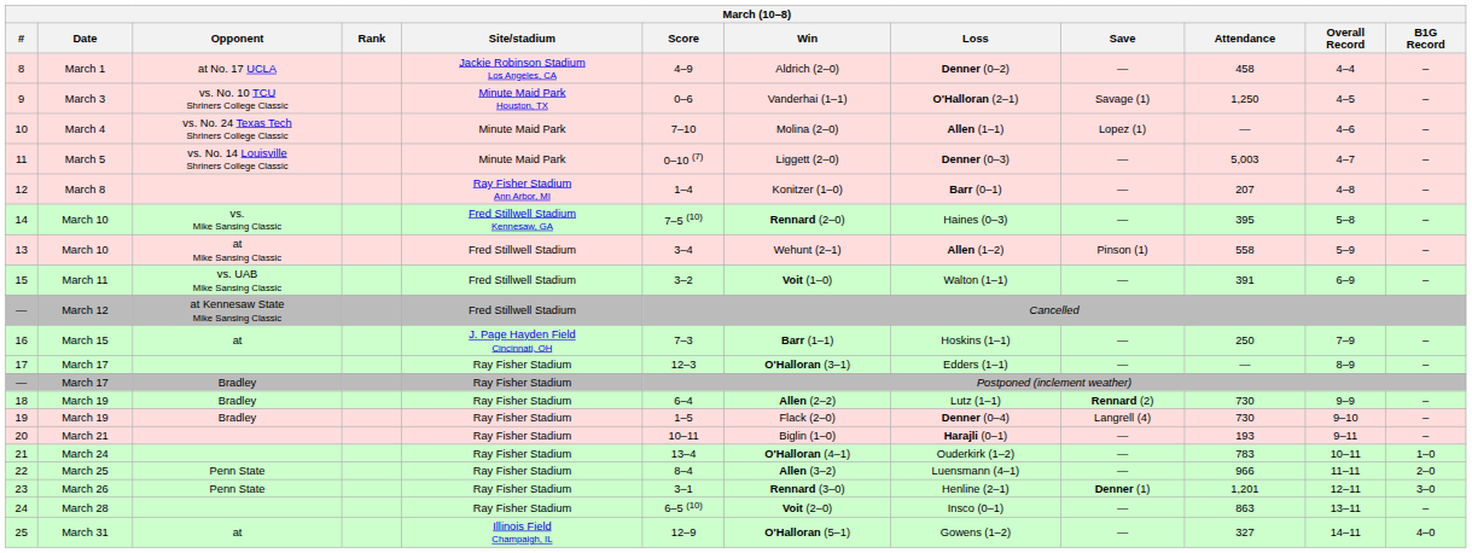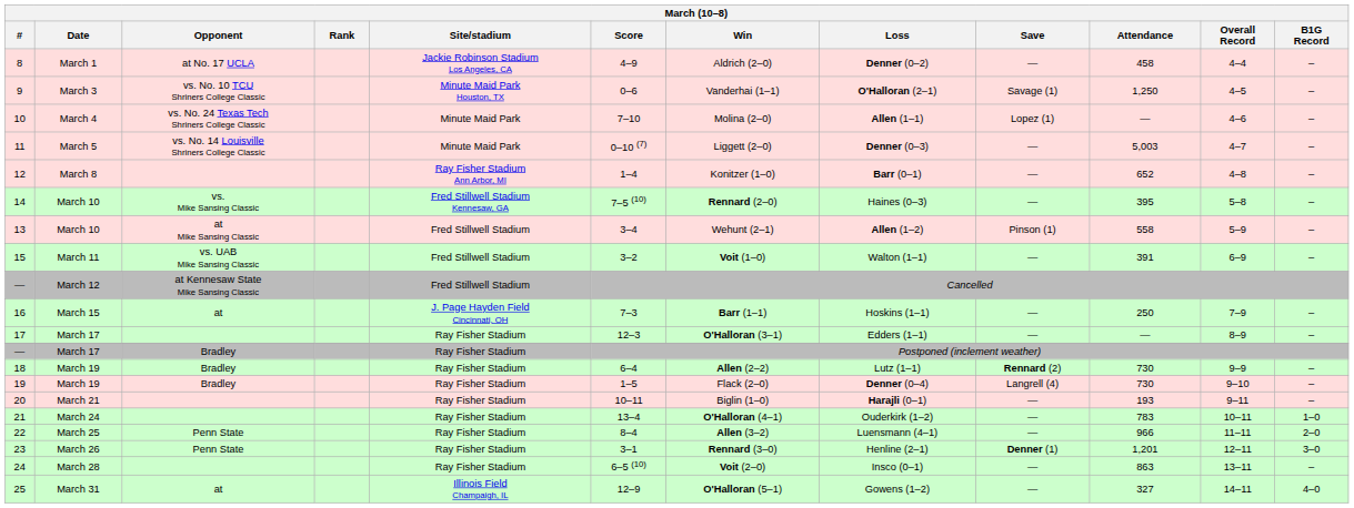 <table class="wikitable collapsible collapsed" style="margin:auto; width:100%; text-align:center; font-size:95%">
 <tr>
 <th colspan=12 style="padding-left:4em;">March (10–8)</th>
 </tr>
 <tr>
 <th>#</th>
 <th>Date</th>
 <th>Opponent</th>
 <th>Rank</th>
 <th>Site/stadium</th>
 <th>Score</th>
 <th>Win</th>
 <th>Loss</th>
 <th>Save</th>
 <th>Attendance</th>
 <th>Overall<br>Record</th>
 <th>B1G<br>Record</th>
 </tr>
 <tr align="center" bgcolor="#ffdddd">
 <td>8</td>
 <td>March 1</td>
 <td>at No. 17 <a href='#'>UCLA</a></td>
 <td></td>
 <td><a href='#'>Jackie Robinson Stadium</a><br><small><a href='#'>Los Angeles, CA</a></small></td>
 <td>4–9</td>
 <td>Aldrich (2–0)</td>
 <td><strong>Denner</strong> (0–2)</td>
 <td>—</td>
 <td>458</td>
 <td>4–4</td>
 <td>–</td>
 </tr>
 <tr align="center" bgcolor="#ffdddd">
 <td>9</td>
 <td>March 3</td>
 <td>vs. No. 10 <a href='#'>TCU</a><br><small> Shriners College Classic</small></td>
 <td></td>
 <td><a href='#'>Minute Maid Park</a><br><small><a href='#'>Houston, TX</a></small></td>
 <td>0–6</td>
 <td>Vanderhai (1–1)</td>
 <td><strong>O'Halloran</strong> (2–1)</td>
 <td>Savage (1)</td>
 <td>1,250</td>
 <td>4–5</td>
 <td>–</td>
 </tr>
 <tr align="center" bgcolor="#ffdddd">
 <td>10</td>
 <td>March 4</td>
 <td>vs. No. 24 <a href='#'>Texas Tech</a><br><small> Shriners College Classic</small></td>
 <td></td>
 <td>Minute Maid Park</td>
 <td>7–10</td>
 <td>Molina (2–0)</td>
 <td><strong>Allen</strong> (1–1)</td>
 <td>Lopez (1)</td>
 <td>—</td>
 <td>4–6</td>
 <td>–</td>
 </tr>
 <tr align="center" bgcolor="#ffdddd">
 <td>11</td>
 <td>March 5</td>
 <td>vs. No. 14 <a href='#'>Louisville</a><br><small> Shriners College Classic</small></td>
 <td></td>
 <td>Minute Maid Park</td>
 <td>0–10 <sup>(7)</sup></td>
 <td>Liggett (2–0)</td>
 <td><strong>Denner</strong> (0–3)</td>
 <td>—</td>
 <td>5,003</td>
 <td>4–7</td>
 <td>–</td>
 </tr>
 <tr align="center" bgcolor="#ffdddd">
 <td>12</td>
 <td>March 8</td>
 <td></td>
 <td></td>
 <td><a href='#'>Ray Fisher Stadium</a><br><small><a href='#'>Ann Arbor, MI</a></small></td>
 <td>1–4</td>
 <td>Konitzer (1–0)</td>
 <td><strong>Barr</strong> (0–1)</td>
 <td>—</td>
-<td>207</td>
+<td>652</td>
 <td>4–8</td>
 <td>–</td>
 </tr>
 <tr align="center" bgcolor="#ccffcc">
 <td>14</td>
 <td>March 10</td>
 <td>vs. <br><small> Mike Sansing Classic</small></td>
 <td></td>
 <td><a href='#'>Fred Stillwell Stadium</a><br><small><a href='#'>Kennesaw, GA</a></small></td>
 <td>7–5 <sup>(10)</sup></td>
 <td><strong>Rennard</strong> (2–0)</td>
 <td>Haines (0–3)</td>
 <td>—</td>
 <td>395</td>
 <td>5–8</td>
 <td>–</td>
 </tr>
 <tr align="center" bgcolor="#ffdddd">
 <td>13</td>
 <td>March 10</td>
 <td>at <br><small> Mike Sansing Classic</small></td>
 <td></td>
 <td>Fred Stillwell Stadium</td>
 <td>3–4</td>
 <td>Wehunt (2–1)</td>
 <td><strong>Allen</strong> (1–2)</td>
 <td>Pinson (1)</td>
 <td>558</td>
 <td>5–9</td>
 <td>–</td>
 </tr>
 <tr align="center" bgcolor="#ccffcc">
 <td>15</td>
 <td>March 11</td>
 <td>vs. UAB<br><small> Mike Sansing Classic</small></td>
 <td></td>
 <td>Fred Stillwell Stadium</td>
 <td>3–2</td>
 <td><strong>Voit</strong> (1–0)</td>
 <td>Walton (1–1)</td>
 <td>—</td>
 <td>391</td>
 <td>6–9</td>
 <td>–</td>
 </tr>
 <tr align="center" bgcolor="#bbbbbb">
 <td>—</td>
 <td>March 12</td>
 <td>at Kennesaw State<br><small> Mike Sansing Classic</small></td>
 <td></td>
 <td>Fred Stillwell Stadium</td>
 <td colspan=9><em>Cancelled</em> </td>
 </tr>
 <tr align="center" bgcolor="#ccffcc">
 <td>16</td>
 <td>March 15</td>
 <td>at </td>
 <td></td>
 <td><a href='#'>J. Page Hayden Field</a><br><small><a href='#'>Cincinnati, OH</a></small></td>
 <td>7–3</td>
 <td><strong>Barr</strong> (1–1)</td>
 <td>Hoskins (1–1)</td>
 <td>—</td>
 <td>250</td>
 <td>7–9</td>
 <td>–</td>
 </tr>
 <tr align="center" bgcolor="#ccffcc">
 <td>17</td>
 <td>March 17</td>
 <td></td>
 <td></td>
 <td>Ray Fisher Stadium</td>
 <td>12–3</td>
 <td><strong>O'Halloran</strong> (3–1)</td>
 <td>Edders (1–1)</td>
 <td>—</td>
 <td>—</td>
 <td>8–9</td>
 <td>–</td>
 </tr>
 <tr align="center" bgcolor="#bbbbbb">
 <td>—</td>
 <td>March 17</td>
 <td>Bradley</td>
 <td></td>
 <td>Ray Fisher Stadium</td>
 <td colspan=9><em>Postponed (inclement weather)</em></td>
 </tr>
 <tr align="center" bgcolor="#ccffcc">
 <td>18</td>
 <td>March 19</td>
 <td>Bradley</td>
 <td></td>
 <td>Ray Fisher Stadium</td>
 <td>6–4</td>
 <td><strong>Allen</strong> (2–2)</td>
 <td>Lutz (1–1)</td>
 <td><strong>Rennard</strong> (2)</td>
 <td>730</td>
 <td>9–9</td>
 <td>–</td>
 </tr>
 <tr align="center" bgcolor="#ffdddd">
 <td>19</td>
 <td>March 19</td>
 <td>Bradley</td>
 <td></td>
 <td>Ray Fisher Stadium</td>
 <td>1–5</td>
 <td>Flack (2–0)</td>
 <td><strong>Denner</strong> (0–4)</td>
 <td>Langrell (4)</td>
 <td>730</td>
 <td>9–10</td>
 <td>–</td>
 </tr>
 <tr align="center" bgcolor="#ffdddd">
 <td>20</td>
 <td>March 21</td>
 <td></td>
 <td></td>
 <td>Ray Fisher Stadium</td>
 <td>10–11</td>
 <td>Biglin (1–0)</td>
 <td><strong>Harajli</strong> (0–1)</td>
 <td>—</td>
 <td>193</td>
 <td>9–11</td>
 <td>–</td>
 </tr>
 <tr align="center" bgcolor="#ccffcc">
 <td>21</td>
 <td>March 24</td>
 <td></td>
 <td></td>
 <td>Ray Fisher Stadium</td>
 <td>13–4</td>
 <td><strong>O'Halloran</strong> (4–1)</td>
 <td>Ouderkirk (1–2)</td>
 <td>—</td>
 <td>783</td>
 <td>10–11</td>
 <td>1–0</td>
 </tr>
 <tr align="center" bgcolor="#ccffcc">
 <td>22</td>
 <td>March 25</td>
 <td>Penn State</td>
 <td></td>
 <td>Ray Fisher Stadium</td>
 <td>8–4</td>
 <td><strong>Allen</strong> (3–2)</td>
 <td>Luensmann (4–1)</td>
 <td>—</td>
 <td>966</td>
 <td>11–11</td>
 <td>2–0</td>
 </tr>
 <tr align="center" bgcolor="#ccffcc">
 <td>23</td>
 <td>March 26</td>
 <td>Penn State</td>
 <td></td>
 <td>Ray Fisher Stadium</td>
 <td>3–1</td>
 <td><strong>Rennard</strong> (3–0)</td>
 <td>Henline (2–1)</td>
 <td><strong>Denner</strong> (1)</td>
 <td>1,201</td>
 <td>12–11</td>
 <td>3–0</td>
 </tr>
 <tr align="center" bgcolor="#ccffcc">
 <td>24</td>
 <td>March 28</td>
 <td></td>
 <td></td>
 <td>Ray Fisher Stadium</td>
 <td>6–5 <sup>(10)</sup></td>
 <td><strong>Voit</strong> (2–0)</td>
 <td>Insco (0–1)</td>
 <td>—</td>
 <td>863</td>
 <td>13–11</td>
 <td>–</td>
 </tr>
 <tr align="center" bgcolor="#ccffcc">
 <td>25</td>
 <td>March 31</td>
 <td>at </td>
 <td></td>
 <td><a href='#'>Illinois Field</a><br><small><a href='#'>Champaigh, IL</a></small></td>
 <td>12–9</td>
 <td><strong>O'Halloran</strong> (5–1)</td>
 <td>Gowens (1–2)</td>
 <td>—</td>
 <td>327</td>
 <td>14–11</td>
 <td>4–0</td>
 </tr>
 </table>
